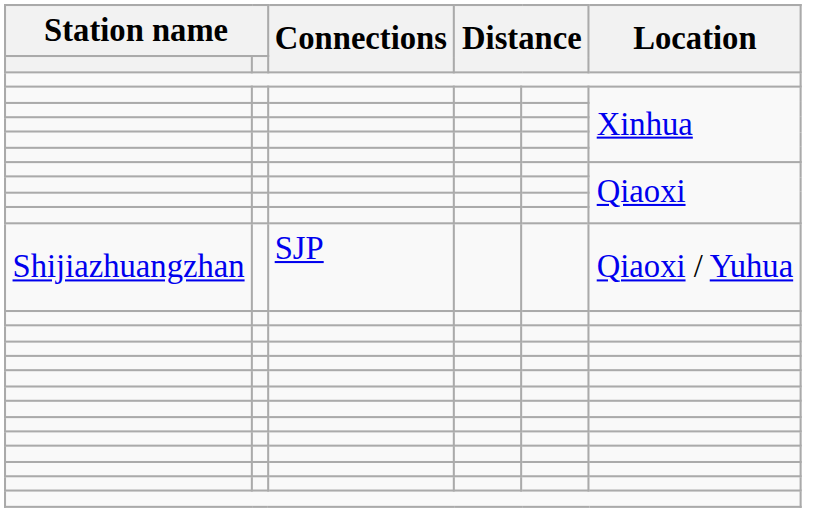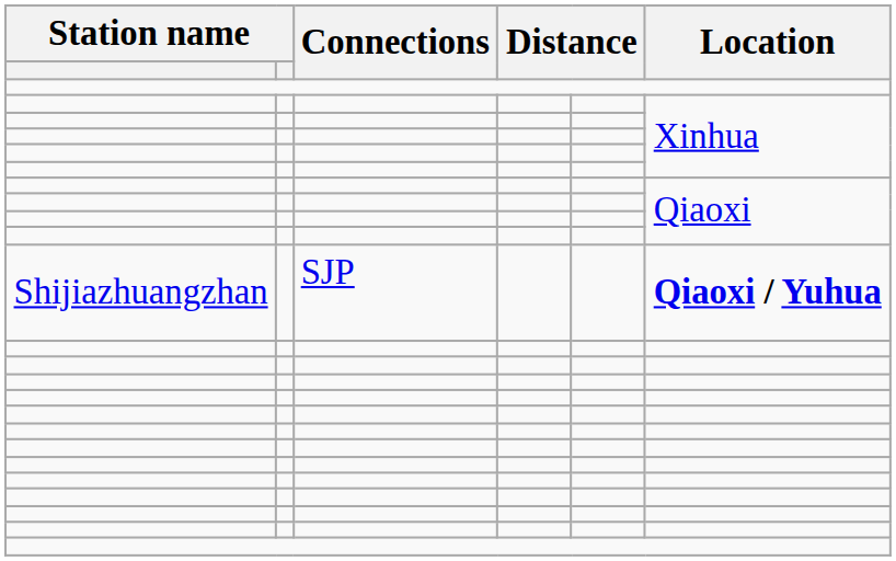 <table class="wikitable">
 <tr>
 <th colspan="2">Station name</th>
 <th rowspan="2">Connections</th>
 <th colspan="2" rowspan="2">Distance<br></th>
 <th rowspan="2">Location</th>
 </tr>
 <tr>
 <th></th>
 <th></th>
 </tr>
 <tr style="background:#">
 <td colspan = "8"></td>
 </tr>
 <tr>
 <td></td>
 <td></td>
 <td></td>
 <td></td>
 <td></td>
 <td rowspan="5"><a href='#'>Xinhua</a></td>
 </tr>
 <tr>
 <td></td>
 <td></td>
 <td></td>
 <td></td>
 <td></td>
 </tr>
 <tr>
 <td></td>
 <td></td>
 <td></td>
 <td></td>
 <td></td>
 </tr>
 <tr>
 <td></td>
 <td></td>
 <td></td>
 <td></td>
 <td></td>
 </tr>
 <tr>
 <td></td>
 <td></td>
 <td></td>
 <td></td>
 <td></td>
 </tr>
 <tr>
 <td></td>
 <td></td>
 <td></td>
 <td></td>
 <td></td>
 <td rowspan="4"><a href='#'>Qiaoxi</a></td>
 </tr>
 <tr>
 <td></td>
 <td></td>
 <td></td>
 <td></td>
 <td></td>
 </tr>
 <tr>
 <td></td>
 <td></td>
 <td></td>
 <td></td>
 <td></td>
 </tr>
 <tr>
 <td></td>
 <td></td>
 <td></td>
 <td></td>
 <td></td>
 </tr>
 <tr>
 <td><a href='#'>Shijiazhuangzhan</a></td>
 <td></td>
 <td> <a href='#'>SJP</a><br><br></td>
 <td></td>
 <td></td>
-<td rowspan="1"><a href='#'>Qiaoxi</a> / <a href='#'>Yuhua</a></td>
+<td rowspan="1"><strong><a href='#'>Qiaoxi</a> / <a href='#'>Yuhua</a></strong></td>
 </tr>
 <tr>
 <td></td>
 <td></td>
 <td></td>
 <td></td>
 <td></td>
 <td></td>
 </tr>
 <tr>
 <td></td>
 <td></td>
 <td></td>
 <td></td>
 <td></td>
 <td></td>
 </tr>
 <tr>
 <td></td>
 <td></td>
 <td></td>
 <td></td>
 <td></td>
 <td></td>
 </tr>
 <tr>
 <td></td>
 <td></td>
 <td></td>
 <td></td>
 <td></td>
 <td></td>
 </tr>
 <tr>
 <td></td>
 <td></td>
 <td></td>
 <td></td>
 <td></td>
 <td></td>
 </tr>
 <tr>
 <td></td>
 <td></td>
 <td></td>
 <td></td>
 <td></td>
 <td></td>
 </tr>
 <tr>
 <td></td>
 <td></td>
 <td></td>
 <td></td>
 <td></td>
 <td></td>
 </tr>
 <tr>
 <td></td>
 <td></td>
 <td></td>
 <td></td>
 <td></td>
 <td></td>
 </tr>
 <tr>
 <td></td>
 <td></td>
 <td></td>
 <td></td>
 <td></td>
 <td></td>
 </tr>
 <tr>
 <td></td>
 <td></td>
 <td></td>
 <td></td>
 <td></td>
 <td></td>
 </tr>
 <tr>
 <td></td>
 <td></td>
 <td></td>
 <td></td>
 <td></td>
 <td></td>
 </tr>
 <tr>
 <td></td>
 <td></td>
 <td></td>
 <td></td>
 <td></td>
 <td></td>
 </tr>
 <tr style="background:#">
 <td colspan = "8"></td>
 </tr>
 </table>
